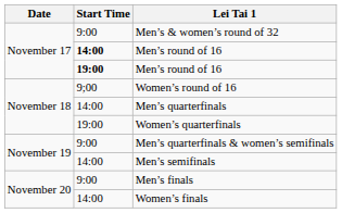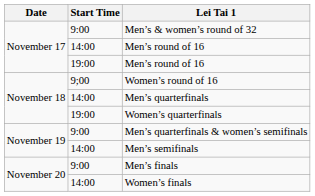 <table class="wikitable">
 <tr>
 <th>Date</th>
 <th>Start Time</th>
 <th>Lei Tai 1</th>
 </tr>
 <tr>
 <td rowspan="3">November 17</td>
 <td>9:00</td>
 <td>Men’s & women’s round of 32</td>
 </tr>
 <tr>
-<td><strong>14:00</strong></td>
+<td>14:00</td>
 <td>Men’s round of 16</td>
 </tr>
 <tr>
-<td><strong>19:00</strong></td>
+<td>19:00</td>
 <td>Men’s round of 16</td>
 </tr>
 <tr>
 <td rowspan="3">November 18</td>
 <td>9;00</td>
 <td>Women’s round of 16</td>
 </tr>
 <tr>
 <td>14:00</td>
 <td>Men’s quarterfinals</td>
 </tr>
 <tr>
 <td>19:00</td>
 <td>Women’s quarterfinals</td>
 </tr>
 <tr>
 <td rowspan="2">November 19</td>
 <td>9:00</td>
 <td>Men’s quarterfinals & women’s semifinals</td>
 </tr>
 <tr>
 <td>14:00</td>
 <td>Men’s semifinals</td>
 </tr>
 <tr>
 <td rowspan="2">November 20</td>
 <td>9:00</td>
 <td>Men’s finals</td>
 </tr>
 <tr>
 <td>14:00</td>
 <td>Women’s finals</td>
 </tr>
 </table>
